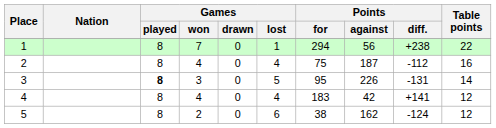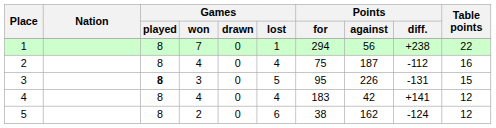 <table class="wikitable">
 <tr>
 <th rowspan=2 width="8%">Place</th>
 <th rowspan=2 width="20%">Nation</th>
 <th colspan=4 width="32%">Games</th>
 <th colspan=3 width="30%">Points</th>
 <th rowspan=2 width="10%">Table<br>points</th>
 </tr>
 <tr>
 <th width="8%">played</th>
 <th width="8%">won</th>
 <th width="8%">drawn</th>
 <th width="8%">lost</th>
 <th width="10%">for</th>
 <th width="10%">against</th>
 <th width="10%">diff.</th>
 </tr>
 <tr>
 </tr>
 <tr bgcolor=#ccffcc align=center>
 <td>1</td>
 <td align=left><strong></strong></td>
 <td>8</td>
 <td>7</td>
 <td>0</td>
 <td>1</td>
 <td>294</td>
 <td>56</td>
 <td>+238</td>
 <td>22</td>
 </tr>
 <tr bgcolor=#ffffff align=center>
 <td>2</td>
 <td align=left></td>
 <td>8</td>
 <td>4</td>
 <td>0</td>
 <td>4</td>
 <td>75</td>
 <td>187</td>
 <td>-112</td>
 <td>16</td>
 </tr>
 <tr bgcolor=#ffffff align=center>
 <td>3</td>
 <td align=left></td>
 <td><strong>8</strong></td>
 <td>3</td>
 <td>0</td>
 <td>5</td>
 <td>95</td>
 <td>226</td>
 <td>-131</td>
-<td>14</td>
+<td>15</td>
 </tr>
 <tr bgcolor=#ffffff align=center>
 <td>4</td>
 <td align=left></td>
 <td>8</td>
 <td>4</td>
 <td>0</td>
 <td>4</td>
 <td>183</td>
 <td>42</td>
 <td>+141</td>
 <td>12</td>
 </tr>
 <tr bgcolor=#ffffff align=center>
 <td>5</td>
 <td align=left></td>
 <td>8</td>
 <td>2</td>
 <td>0</td>
 <td>6</td>
 <td>38</td>
 <td>162</td>
 <td>-124</td>
 <td>12</td>
 </tr>
 </table>
